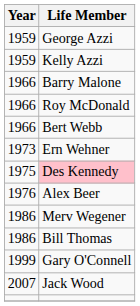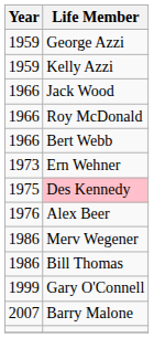 <table class="wikitable collapsible collapsed">
 <tr>
 <th>Year</th>
 <th>Life Member</th>
 </tr>
 <tr>
 <td>1959</td>
 <td>George Azzi</td>
 </tr>
 <tr>
 <td>1959</td>
 <td>Kelly Azzi</td>
 </tr>
 <tr>
 <td>1966</td>
-<td>Barry Malone</td>
+<td>Jack Wood</td>
 </tr>
 <tr>
 <td>1966</td>
 <td>Roy McDonald</td>
 </tr>
 <tr>
 <td>1966</td>
 <td>Bert Webb</td>
 </tr>
 <tr>
 <td>1973</td>
 <td>Ern Wehner</td>
 </tr>
 <tr>
 <td>1975</td>
 <td style="background: pink;">Des Kennedy</td>
 </tr>
 <tr>
 <td>1976</td>
 <td>Alex Beer</td>
 </tr>
 <tr>
 <td>1986</td>
 <td>Merv Wegener</td>
 </tr>
 <tr>
 <td>1986</td>
 <td>Bill Thomas</td>
 </tr>
 <tr>
 <td>1999</td>
 <td>Gary O'Connell</td>
 </tr>
 <tr>
 <td>2007</td>
-<td>Jack Wood</td>
+<td>Barry Malone</td>
 </tr>
 <tr>
 <td></td>
 <td></td>
 </tr>
 <tr>
 </tr>
 </table>
